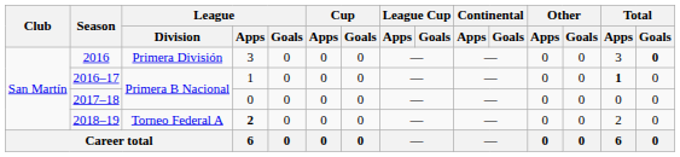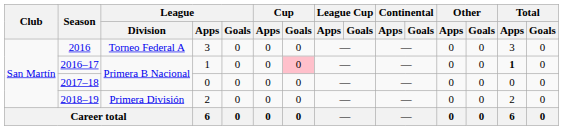 <table class="wikitable" style="text-align:center">
 <tr>
 <th rowspan="2">Club</th>
 <th rowspan="2">Season</th>
 <th colspan="3">League</th>
 <th colspan="2">Cup</th>
 <th colspan="2">League Cup</th>
 <th colspan="2">Continental</th>
 <th colspan="2">Other</th>
 <th colspan="2">Total</th>
 </tr>
 <tr>
 <th>Division</th>
 <th>Apps</th>
 <th>Goals</th>
 <th>Apps</th>
 <th>Goals</th>
 <th>Apps</th>
 <th>Goals</th>
 <th>Apps</th>
 <th>Goals</th>
 <th>Apps</th>
 <th>Goals</th>
 <th>Apps</th>
 <th>Goals</th>
 </tr>
 <tr>
 <td rowspan="4"><a href='#'>San Martín</a></td>
 <td><a href='#'>2016</a></td>
-<td rowspan="1"><a href='#'>Primera División</a></td>
+<td rowspan="1"><a href='#'>Torneo Federal A</a></td>
 <td>3</td>
 <td>0</td>
 <td>0</td>
 <td>0</td>
 <td colspan="2">—</td>
 <td colspan="2">—</td>
 <td>0</td>
 <td>0</td>
 <td>3</td>
-<td><strong>0</strong></td>
+<td>0</td>
 </tr>
 <tr>
 <td><a href='#'>2016–17</a></td>
 <td rowspan="2"><a href='#'>Primera B Nacional</a></td>
 <td>1</td>
 <td>0</td>
 <td>0</td>
-<td>0</td>
+<td style="background: pink;">0</td>
 <td colspan="2">—</td>
 <td colspan="2">—</td>
 <td>0</td>
 <td>0</td>
 <td><strong>1</strong></td>
 <td>0</td>
 </tr>
 <tr>
 <td><a href='#'>2017–18</a></td>
 <td>0</td>
 <td>0</td>
 <td>0</td>
 <td>0</td>
 <td colspan="2">—</td>
 <td colspan="2">—</td>
 <td>0</td>
 <td>0</td>
 <td>0</td>
 <td>0</td>
 </tr>
 <tr>
 <td><a href='#'>2018–19</a></td>
-<td rowspan="1"><a href='#'>Torneo Federal A</a></td>
-<td><strong>2</strong></td>
+<td rowspan="1"><a href='#'>Primera División</a></td>
+<td>2</td>
 <td>0</td>
 <td>0</td>
 <td>0</td>
 <td colspan="2">—</td>
 <td colspan="2">—</td>
 <td>0</td>
 <td>0</td>
 <td>2</td>
 <td>0</td>
 </tr>
 <tr>
 <th colspan="3">Career total</th>
 <th>6</th>
 <th>0</th>
 <th>0</th>
 <th>0</th>
 <th colspan="2">—</th>
 <th colspan="2">—</th>
 <th>0</th>
 <th>0</th>
 <th>6</th>
 <th>0</th>
 </tr>
 </table>
